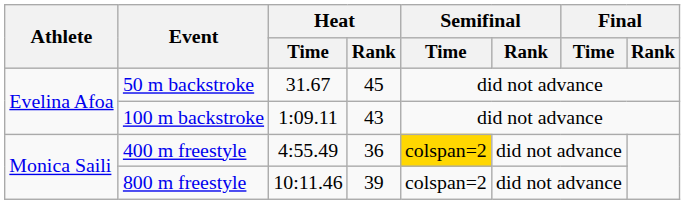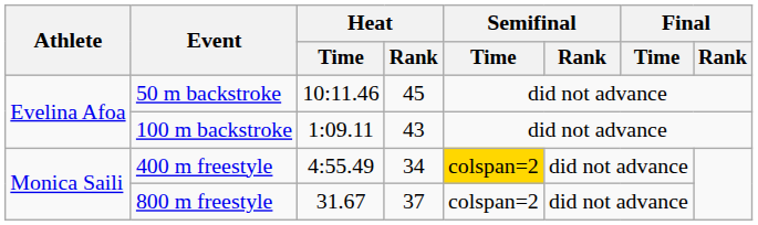 <table class=wikitable style="font-size:90%">
 <tr>
 <th rowspan="2">Athlete</th>
 <th rowspan="2">Event</th>
 <th colspan="2">Heat</th>
 <th colspan="2">Semifinal</th>
 <th colspan="2">Final</th>
 </tr>
 <tr style="font-size:95%">
 <th>Time</th>
 <th>Rank</th>
 <th>Time</th>
 <th>Rank</th>
 <th>Time</th>
 <th>Rank</th>
 </tr>
 <tr align=center>
 <td align=left rowspan=2><a href='#'>Evelina Afoa</a></td>
 <td align=left><a href='#'>50 m backstroke</a></td>
-<td>31.67</td>
+<td>10:11.46</td>
 <td>45</td>
 <td colspan=4>did not advance</td>
 </tr>
 <tr align=center>
 <td align=left><a href='#'>100 m backstroke</a></td>
 <td>1:09.11</td>
 <td>43</td>
 <td colspan=4>did not advance</td>
 </tr>
 <tr align=center>
 <td align=left rowspan=2><a href='#'>Monica Saili</a></td>
 <td align=left><a href='#'>400 m freestyle</a></td>
 <td>4:55.49</td>
-<td>36</td>
+<td>34</td>
 <td style="background: gold;">colspan=2 </td>
 <td colspan=2>did not advance</td>
 </tr>
 <tr align=center>
 <td align=left><a href='#'>800 m freestyle</a></td>
-<td>10:11.46</td>
-<td>39</td>
+<td>31.67</td>
+<td>37</td>
 <td>colspan=2 </td>
 <td colspan=2>did not advance</td>
 </tr>
 </table>
